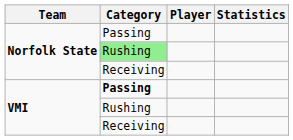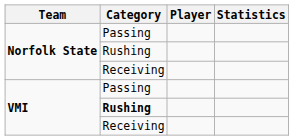 <table class="wikitable" style="float: right;">
 <tr>
 <th>Team</th>
 <th>Category</th>
 <th>Player</th>
 <th>Statistics</th>
 </tr>
 <tr>
 <td rowspan=3><strong>Norfolk State</strong></td>
 <td>Passing</td>
 <td></td>
 <td></td>
 </tr>
 <tr>
-<td style="background: lightgreen;">Rushing</td>
+<td>Rushing</td>
 <td></td>
 <td></td>
 </tr>
 <tr>
 <td>Receiving</td>
 <td></td>
 <td></td>
 </tr>
 <tr>
 <td rowspan=3><strong>VMI</strong></td>
-<td><strong>Passing</strong></td>
+<td>Passing</td>
 <td></td>
 <td></td>
 </tr>
 <tr>
-<td>Rushing</td>
+<td><strong>Rushing</strong></td>
 <td></td>
 <td></td>
 </tr>
 <tr>
 <td>Receiving</td>
 <td></td>
 <td></td>
 </tr>
 </table>
